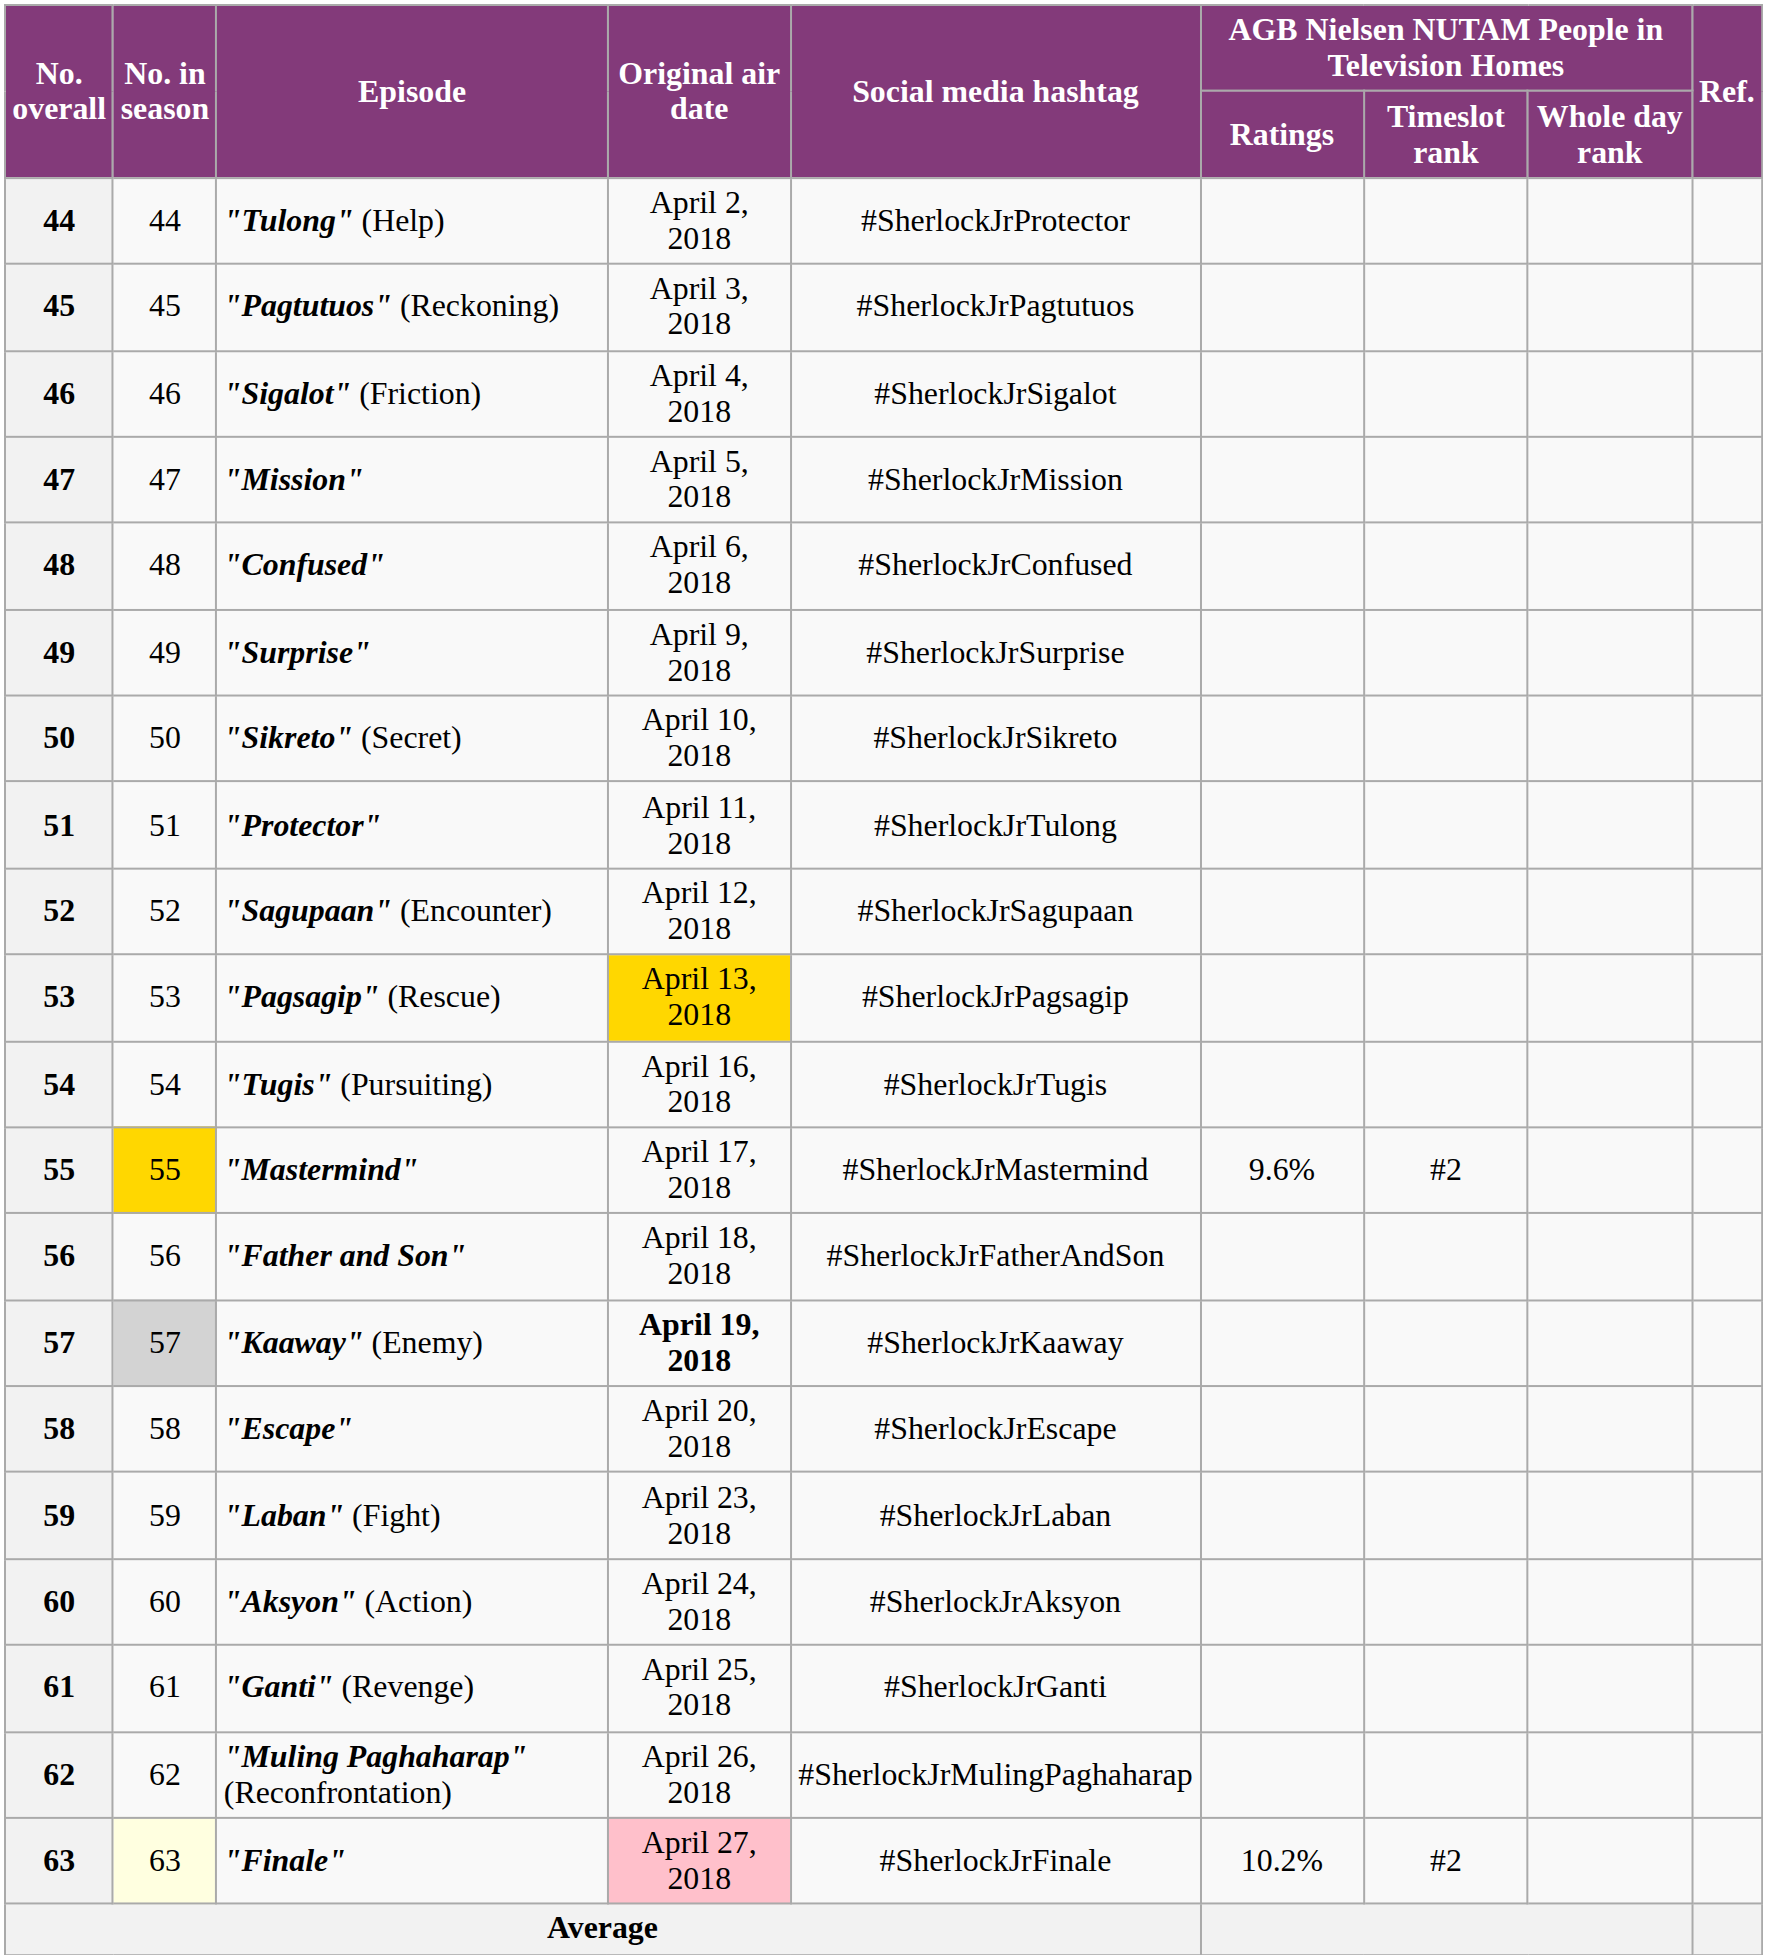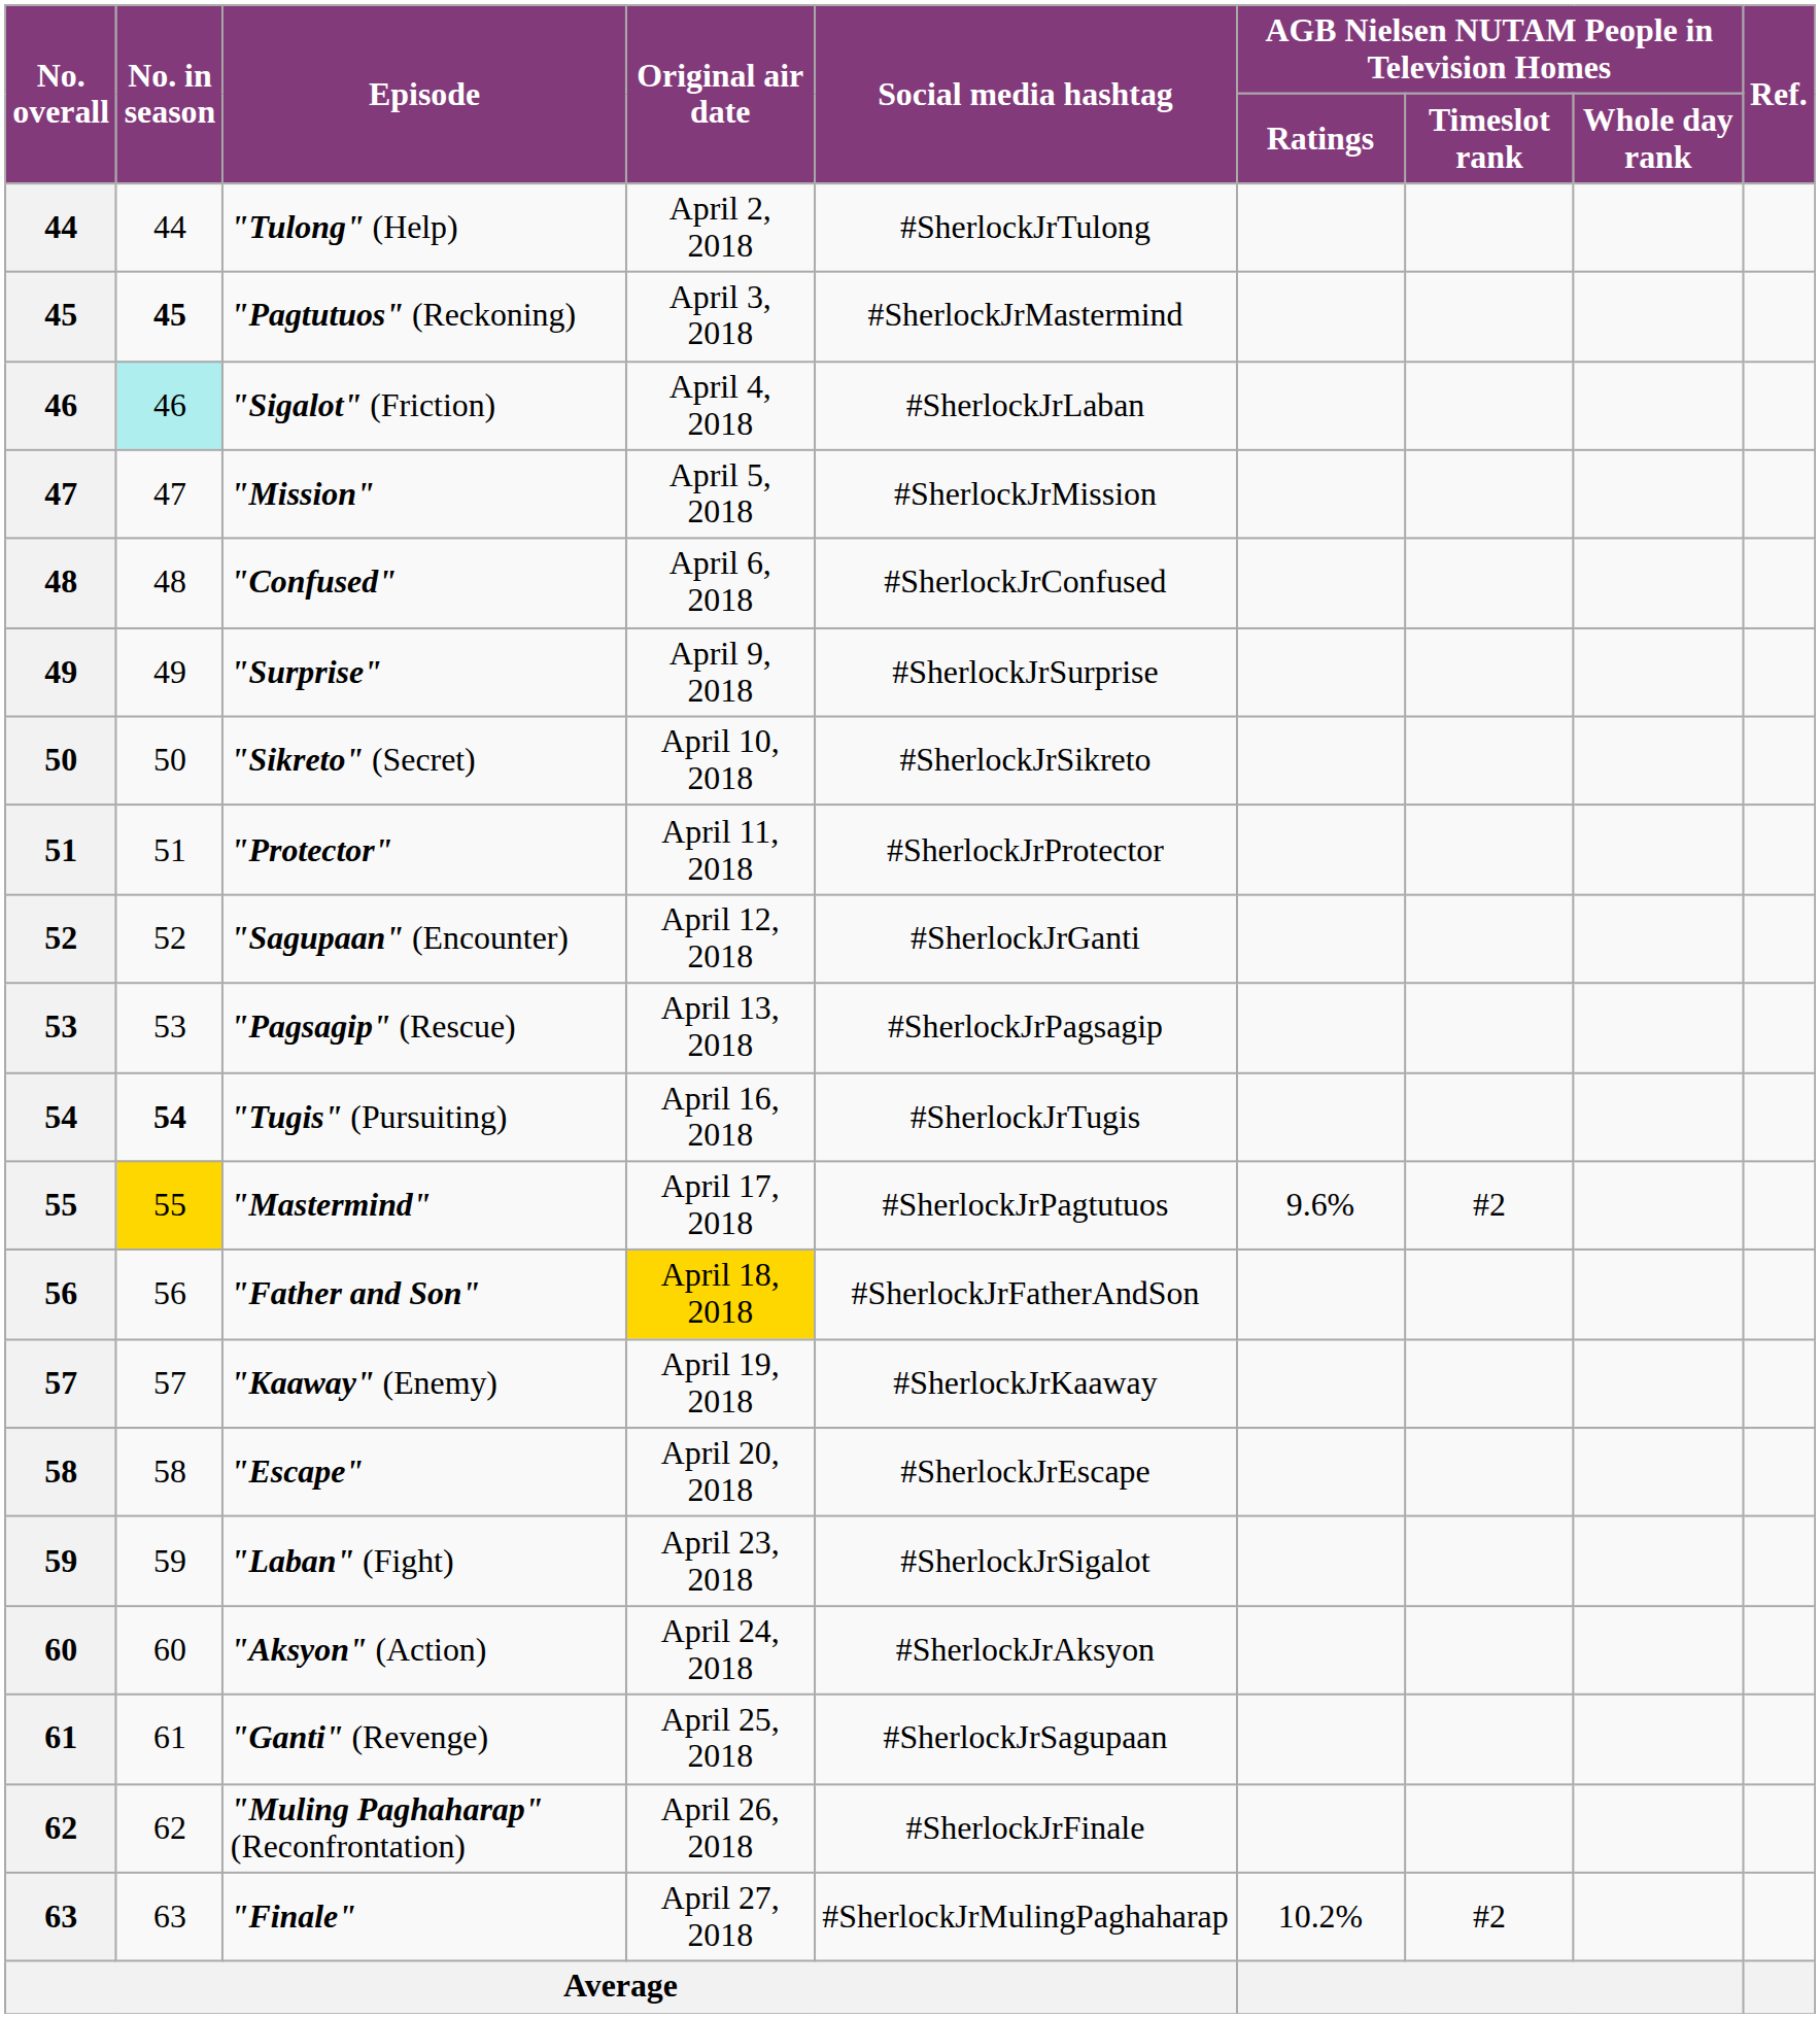 <table class="wikitable" style="text-align:center; font-size:100%; line-height:18px;" width="100%">
 <tr>
 <th style="background-color:#833A7A; color:#ffffff;" rowspan="2">No.<br>overall</th>
 <th style="background-color:#833A7A; color:#ffffff;" rowspan="2">No. in<br>season</th>
 <th style="background-color:#833A7A; color:#ffffff;" rowspan="2">Episode</th>
 <th style="background-color:#833A7A; color:white" rowspan="2">Original air date</th>
 <th style="background-color:#833A7A; color:white" rowspan="2">Social media hashtag</th>
 <th style="background-color:#833A7A; color:#ffffff;" colspan="3">AGB Nielsen NUTAM People in Television Homes</th>
 <th style="background-color:#833A7A; color:#ffffff;" rowspan="2">Ref.</th>
 </tr>
 <tr>
 <th style="background-color:#833A7A; width:75px; color:#ffffff;">Ratings</th>
 <th style="background-color:#833A7A; width:75px; color:#ffffff;">Timeslot<br>rank</th>
 <th style="background-color:#833A7A; width:75px; color:#ffffff;">Whole day<br>rank</th>
 </tr>
 <tr>
 <th>44</th>
 <td>44</td>
 <td style="text-align: left;"><strong><em>"Tulong"</em></strong> (Help)</td>
 <td>April 2, 2018</td>
-<td>#SherlockJrProtector</td>
+<td>#SherlockJrTulong</td>
 <td></td>
 <td></td>
 <td></td>
 <td></td>
 </tr>
 <tr>
 <th>45</th>
-<td>45</td>
+<td><strong>45</strong></td>
 <td style="text-align: left;"><strong><em>"Pagtutuos"</em></strong> (Reckoning)</td>
 <td>April 3, 2018</td>
-<td>#SherlockJrPagtutuos</td>
+<td>#SherlockJrMastermind</td>
 <td></td>
 <td></td>
 <td></td>
 <td></td>
 </tr>
 <tr>
 <th>46</th>
-<td>46</td>
+<td style="background: paleturquoise;">46</td>
 <td style="text-align: left;"><strong><em>"Sigalot"</em></strong> (Friction)</td>
 <td>April 4, 2018</td>
-<td>#SherlockJrSigalot</td>
+<td>#SherlockJrLaban</td>
 <td></td>
 <td></td>
 <td></td>
 <td></td>
 </tr>
 <tr>
 <th>47</th>
 <td>47</td>
 <td style="text-align: left;"><strong><em>"Mission"</em></strong></td>
 <td>April 5, 2018</td>
 <td>#SherlockJrMission</td>
 <td></td>
 <td></td>
 <td></td>
 <td></td>
 </tr>
 <tr>
 <th>48</th>
 <td>48</td>
 <td style="text-align: left;"><strong><em>"Confused"</em></strong></td>
 <td>April 6, 2018</td>
 <td>#SherlockJrConfused</td>
 <td></td>
 <td></td>
 <td></td>
 <td></td>
 </tr>
 <tr>
 <th>49</th>
 <td>49</td>
 <td style="text-align: left;"><strong><em>"Surprise"</em></strong></td>
 <td>April 9, 2018</td>
 <td>#SherlockJrSurprise</td>
 <td></td>
 <td></td>
 <td></td>
 <td></td>
 </tr>
 <tr>
 <th>50</th>
 <td>50</td>
 <td style="text-align: left;"><strong><em>"Sikreto"</em></strong> (Secret)</td>
 <td>April 10, 2018</td>
 <td>#SherlockJrSikreto</td>
 <td></td>
 <td></td>
 <td></td>
 <td></td>
 </tr>
 <tr>
 <th>51</th>
 <td>51</td>
 <td style="text-align: left;"><strong><em>"Protector"</em></strong></td>
 <td>April 11, 2018</td>
-<td>#SherlockJrTulong</td>
+<td>#SherlockJrProtector</td>
 <td></td>
 <td></td>
 <td></td>
 <td></td>
 </tr>
 <tr>
 <th>52</th>
 <td>52</td>
 <td style="text-align: left;"><strong><em>"Sagupaan"</em></strong> (Encounter)</td>
 <td>April 12, 2018</td>
-<td>#SherlockJrSagupaan</td>
+<td>#SherlockJrGanti</td>
 <td></td>
 <td></td>
 <td></td>
 <td></td>
 </tr>
 <tr>
 <th>53</th>
 <td>53</td>
 <td style="text-align: left;"><strong><em>"Pagsagip"</em></strong> (Rescue)</td>
-<td style="background: gold;">April 13, 2018</td>
+<td>April 13, 2018</td>
 <td>#SherlockJrPagsagip</td>
 <td></td>
 <td></td>
 <td></td>
 <td></td>
 </tr>
 <tr>
 <th>54</th>
-<td>54</td>
+<td><strong>54</strong></td>
 <td style="text-align: left;"><strong><em>"Tugis"</em></strong> (Pursuiting)</td>
 <td>April 16, 2018</td>
 <td>#SherlockJrTugis</td>
 <td></td>
 <td></td>
 <td></td>
 <td></td>
 </tr>
 <tr>
 <th>55</th>
 <td style="background: gold;">55</td>
 <td style="text-align: left;"><strong><em>"Mastermind"</em></strong></td>
 <td>April 17, 2018</td>
-<td>#SherlockJrMastermind</td>
+<td>#SherlockJrPagtutuos</td>
 <td>9.6%</td>
 <td>#2</td>
 <td></td>
 <td></td>
 </tr>
 <tr>
 <th>56</th>
 <td>56</td>
 <td style="text-align: left;"><strong><em>"Father and Son"</em></strong></td>
-<td>April 18, 2018</td>
+<td style="background: gold;">April 18, 2018</td>
 <td>#SherlockJrFatherAndSon</td>
 <td></td>
 <td></td>
 <td></td>
 <td></td>
 </tr>
 <tr>
 <th>57</th>
-<td style="background: lightgrey;">57</td>
+<td>57</td>
 <td style="text-align: left;"><strong><em>"Kaaway"</em></strong> (Enemy)</td>
-<td><strong>April 19, 2018</strong></td>
+<td>April 19, 2018</td>
 <td>#SherlockJrKaaway</td>
 <td></td>
 <td></td>
 <td></td>
 <td></td>
 </tr>
 <tr>
 <th>58</th>
 <td>58</td>
 <td style="text-align: left;"><strong><em>"Escape"</em></strong></td>
 <td>April 20, 2018</td>
 <td>#SherlockJrEscape</td>
 <td></td>
 <td></td>
 <td></td>
 <td></td>
 </tr>
 <tr>
 <th>59</th>
 <td>59</td>
 <td style="text-align: left;"><strong><em>"Laban"</em></strong> (Fight)</td>
 <td>April 23, 2018</td>
-<td>#SherlockJrLaban</td>
+<td>#SherlockJrSigalot</td>
 <td></td>
 <td></td>
 <td></td>
 <td></td>
 </tr>
 <tr>
 <th>60</th>
 <td>60</td>
 <td style="text-align: left;"><strong><em>"Aksyon"</em></strong> (Action)</td>
 <td>April 24, 2018</td>
 <td>#SherlockJrAksyon</td>
 <td></td>
 <td></td>
 <td></td>
 <td></td>
 </tr>
 <tr>
 <th>61</th>
 <td>61</td>
 <td style="text-align: left;"><strong><em>"Ganti"</em></strong> (Revenge)</td>
 <td>April 25, 2018</td>
-<td>#SherlockJrGanti</td>
+<td>#SherlockJrSagupaan</td>
 <td></td>
 <td></td>
 <td></td>
 <td></td>
 </tr>
 <tr>
 <th>62</th>
 <td>62</td>
 <td style="text-align: left;"><strong><em>"Muling Paghaharap"</em></strong> (Reconfrontation)</td>
 <td>April 26, 2018</td>
-<td>#SherlockJrMulingPaghaharap</td>
+<td>#SherlockJrFinale</td>
 <td></td>
 <td></td>
 <td></td>
 <td></td>
 </tr>
 <tr>
 <th>63</th>
-<td style="background: lightyellow;">63</td>
+<td>63</td>
 <td style="text-align: left;"><strong><em>"Finale"</em></strong></td>
-<td style="background: pink;">April 27, 2018</td>
-<td>#SherlockJrFinale</td>
+<td>April 27, 2018</td>
+<td>#SherlockJrMulingPaghaharap</td>
 <td>10.2%</td>
 <td>#2</td>
 <td></td>
 <td></td>
 </tr>
 <tr>
 <th colspan="5">Average</th>
 <th colspan="3"></th>
 <th></th>
 </tr>
 </table>
